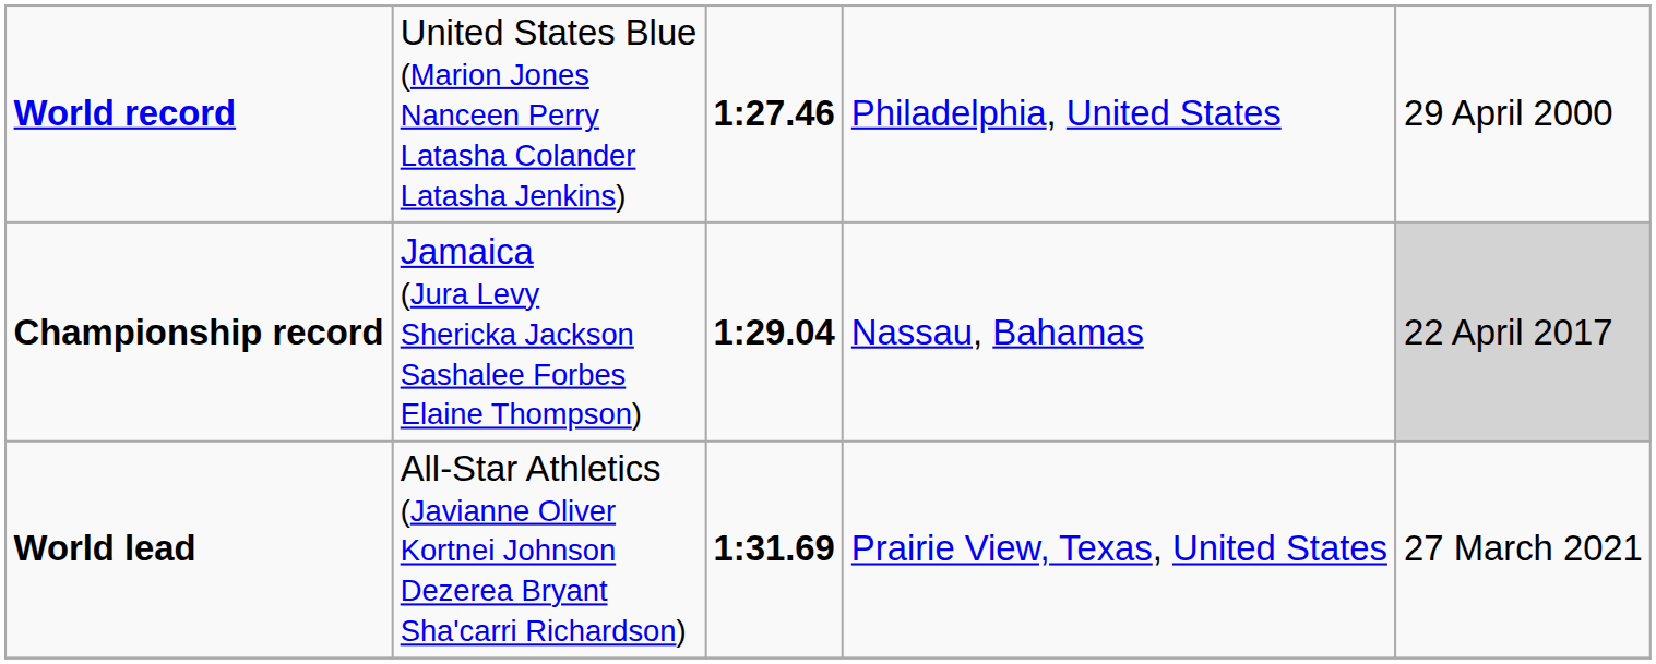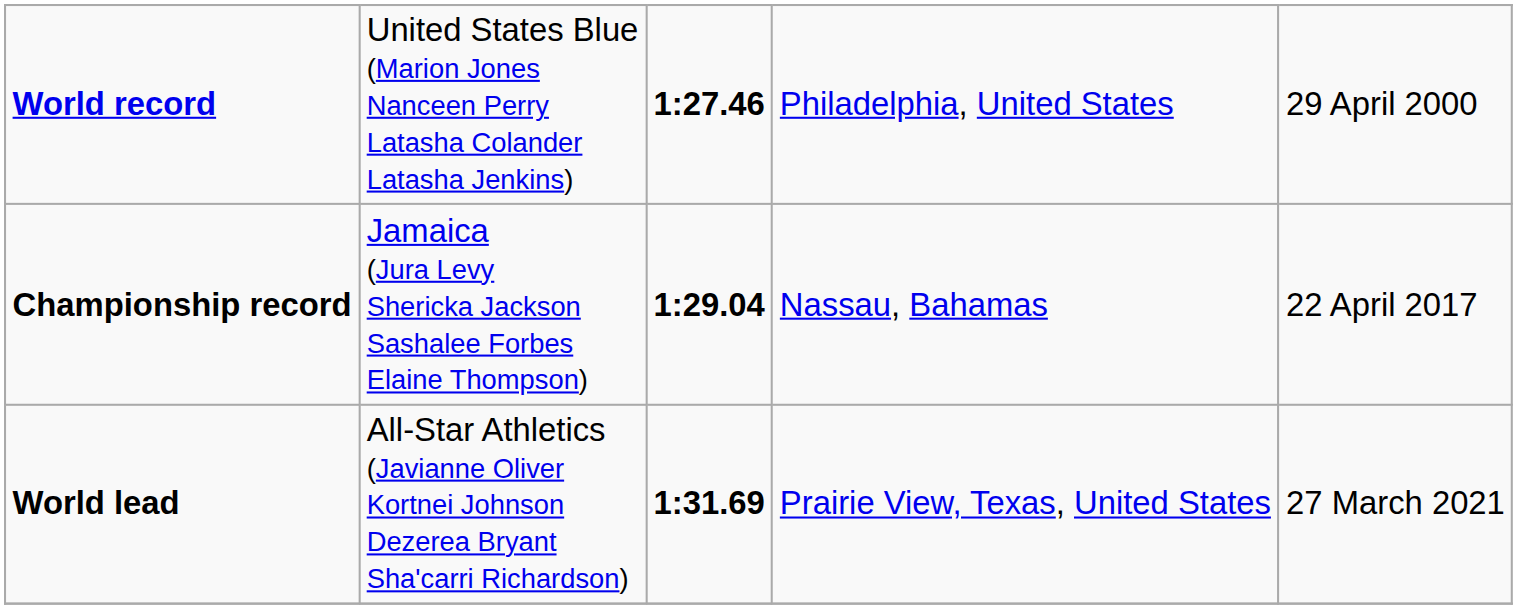 <table class="wikitable">
 <tr>
 <td><strong><a href='#'>World record</a></strong></td>
 <td> United States Blue<br><small>(<a href='#'>Marion Jones</a><br><a href='#'>Nanceen Perry</a><br><a href='#'>Latasha Colander</a><br><a href='#'>Latasha Jenkins</a>)</small></td>
 <td><strong>1:27.46</strong></td>
 <td> <a href='#'>Philadelphia</a>, <a href='#'>United States</a></td>
 <td>29 April 2000</td>
 </tr>
 <tr>
 <td><strong>Championship record</strong></td>
 <td> <a href='#'>Jamaica</a><br><small>(<a href='#'>Jura Levy</a><br><a href='#'>Shericka Jackson</a><br><a href='#'>Sashalee Forbes</a><br><a href='#'>Elaine Thompson</a>)</small></td>
 <td><strong>1:29.04</strong></td>
 <td> <a href='#'>Nassau</a>, <a href='#'>Bahamas</a></td>
-<td style="background: lightgrey;">22 April 2017</td>
+<td>22 April 2017</td>
 </tr>
 <tr>
 <td><strong>World lead</strong></td>
 <td>All-Star Athletics<br><small>(<a href='#'>Javianne Oliver</a><br><a href='#'>Kortnei Johnson</a><br><a href='#'>Dezerea Bryant</a><br><a href='#'>Sha'carri Richardson</a>)</small></td>
 <td><strong>1:31.69</strong></td>
 <td> <a href='#'>Prairie View, Texas</a>, <a href='#'>United States</a></td>
 <td>27 March 2021</td>
 </tr>
 <tr>
 </tr>
 </table>
